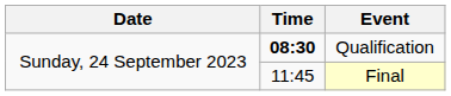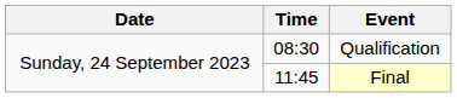 <table class = "wikitable" style="text-align:center;">
 <tr>
 <th width=220>Date</th>
 <th width=50>Time</th>
 <th width=100>Event</th>
 </tr>
 <tr>
 <td rowspan=2>Sunday, 24 September 2023</td>
-<td><strong>08:30</strong></td>
+<td>08:30</td>
 <td>Qualification</td>
 </tr>
 <tr>
 <td>11:45</td>
 <td bgcolor=ffffcc>Final</td>
 </tr>
 </table>
